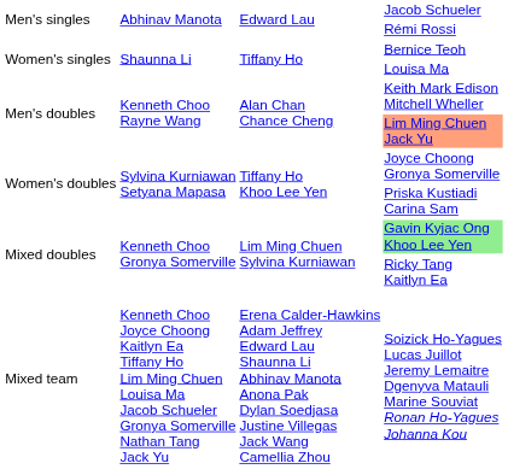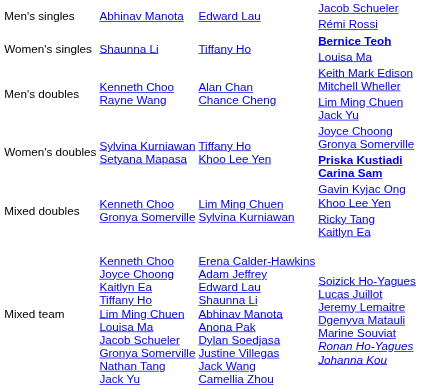 <table>
 <tr>
 <td rowspan="2">Men's singles<br></td>
 <td rowspan="2"> <a href='#'>Abhinav Manota</a></td>
 <td rowspan="2"> <a href='#'>Edward Lau</a></td>
 <td> <a href='#'>Jacob Schueler</a></td>
 </tr>
 <tr>
 <td> <a href='#'>Rémi Rossi</a></td>
 </tr>
 <tr>
 <td rowspan="2">Women's singles<br></td>
 <td rowspan="2"> <a href='#'>Shaunna Li</a></td>
 <td rowspan="2"> <a href='#'>Tiffany Ho</a></td>
-<td> <a href='#'>Bernice Teoh</a></td>
+<td><strong> <a href='#'>Bernice Teoh</a></strong></td>
 </tr>
 <tr>
 <td> <a href='#'>Louisa Ma</a></td>
 </tr>
 <tr>
 <td rowspan="2">Men's doubles<br></td>
 <td rowspan="2"> <a href='#'>Kenneth Choo</a><br> <a href='#'>Rayne Wang</a></td>
 <td rowspan="2"> <a href='#'>Alan Chan</a><br> <a href='#'>Chance Cheng</a></td>
 <td> <a href='#'>Keith Mark Edison</a><br> <a href='#'>Mitchell Wheller</a></td>
 </tr>
 <tr>
-<td style="background: lightsalmon;"> <a href='#'>Lim Ming Chuen</a><br> <a href='#'>Jack Yu</a></td>
+<td> <a href='#'>Lim Ming Chuen</a><br> <a href='#'>Jack Yu</a></td>
 </tr>
 <tr>
 <td rowspan="2">Women's doubles<br></td>
 <td rowspan="2"> <a href='#'>Sylvina Kurniawan</a><br> <a href='#'>Setyana Mapasa</a></td>
 <td rowspan="2"> <a href='#'>Tiffany Ho</a><br> <a href='#'>Khoo Lee Yen</a></td>
 <td> <a href='#'>Joyce Choong</a><br> <a href='#'>Gronya Somerville</a></td>
 </tr>
 <tr>
-<td> <a href='#'>Priska Kustiadi</a><br> <a href='#'>Carina Sam</a></td>
+<td><strong> <a href='#'>Priska Kustiadi</a><br> <a href='#'>Carina Sam</a></strong></td>
 </tr>
 <tr>
 <td rowspan="2">Mixed doubles<br></td>
 <td rowspan="2"> <a href='#'>Kenneth Choo</a><br> <a href='#'>Gronya Somerville</a></td>
 <td rowspan="2"> <a href='#'>Lim Ming Chuen</a><br> <a href='#'>Sylvina Kurniawan</a></td>
-<td style="background: lightgreen;"> <a href='#'>Gavin Kyjac Ong</a><br> <a href='#'>Khoo Lee Yen</a></td>
+<td> <a href='#'>Gavin Kyjac Ong</a><br> <a href='#'>Khoo Lee Yen</a></td>
 </tr>
 <tr>
 <td> <a href='#'>Ricky Tang</a><br> <a href='#'>Kaitlyn Ea</a></td>
 </tr>
 <tr>
 <td rowspan="2">Mixed team<br></td>
 <td align="left"><br><a href='#'>Kenneth Choo</a><br><a href='#'>Joyce Choong</a><br><a href='#'>Kaitlyn Ea</a><br><a href='#'>Tiffany Ho</a><br><a href='#'>Lim Ming Chuen</a><br><a href='#'>Louisa Ma</a><br><a href='#'>Jacob Schueler</a><br><a href='#'>Gronya Somerville</a><br><a href='#'>Nathan Tang</a><br><a href='#'>Jack Yu</a></td>
 <td align="left"><br><a href='#'>Erena Calder-Hawkins</a><br><a href='#'>Adam Jeffrey</a><br><a href='#'>Edward Lau</a><br><a href='#'>Shaunna Li</a><br><a href='#'>Abhinav Manota</a><br><a href='#'>Anona Pak</a><br><a href='#'>Dylan Soedjasa</a><br><a href='#'>Justine Villegas</a><br><a href='#'>Jack Wang</a><br><a href='#'>Camellia Zhou</a></td>
 <td align="left"><br><a href='#'>Soizick Ho-Yagues</a><br><a href='#'>Lucas Juillot</a><br><a href='#'>Jeremy Lemaitre</a><br><a href='#'>Dgenyva Matauli</a><br><a href='#'>Marine Souviat</a><br><em><a href='#'>Ronan Ho-Yagues</a><br><a href='#'>Johanna Kou</a></em></td>
 </tr>
 </table>
